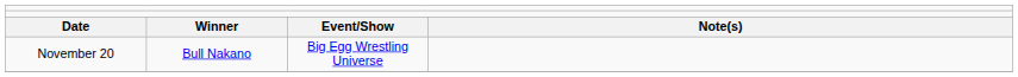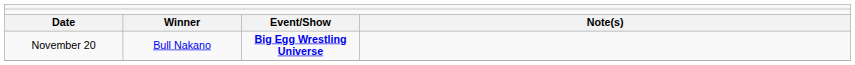 <table class="wikitable" style="text-align:center; width:100%;">
 <tr>
 <td colspan="5"></td>
 </tr>
 <tr>
 <td colspan="5"><strong></strong></td>
 </tr>
 <tr>
 <th width=14%>Date</th>
 <th width=14%>Winner</th>
 <th width=14%>Event/Show</th>
 <th width=58%>Note(s)</th>
 </tr>
 <tr>
 <td>November 20</td>
 <td><a href='#'>Bull Nakano</a></td>
-<td><a href='#'>Big Egg Wrestling Universe</a></td>
+<td><strong><a href='#'>Big Egg Wrestling Universe</a></strong></td>
 <td align=left></td>
 </tr>
 <tr>
 </tr>
 </table>
